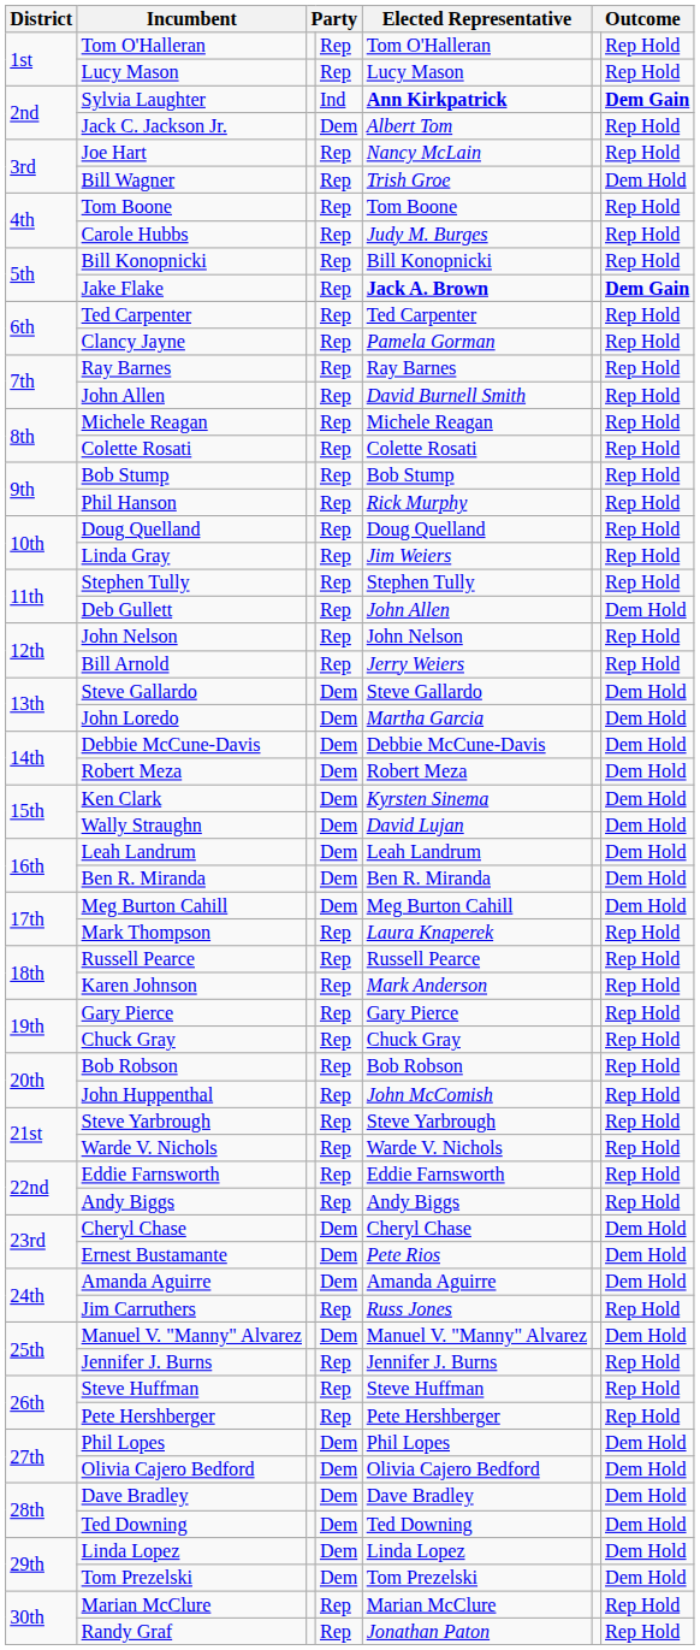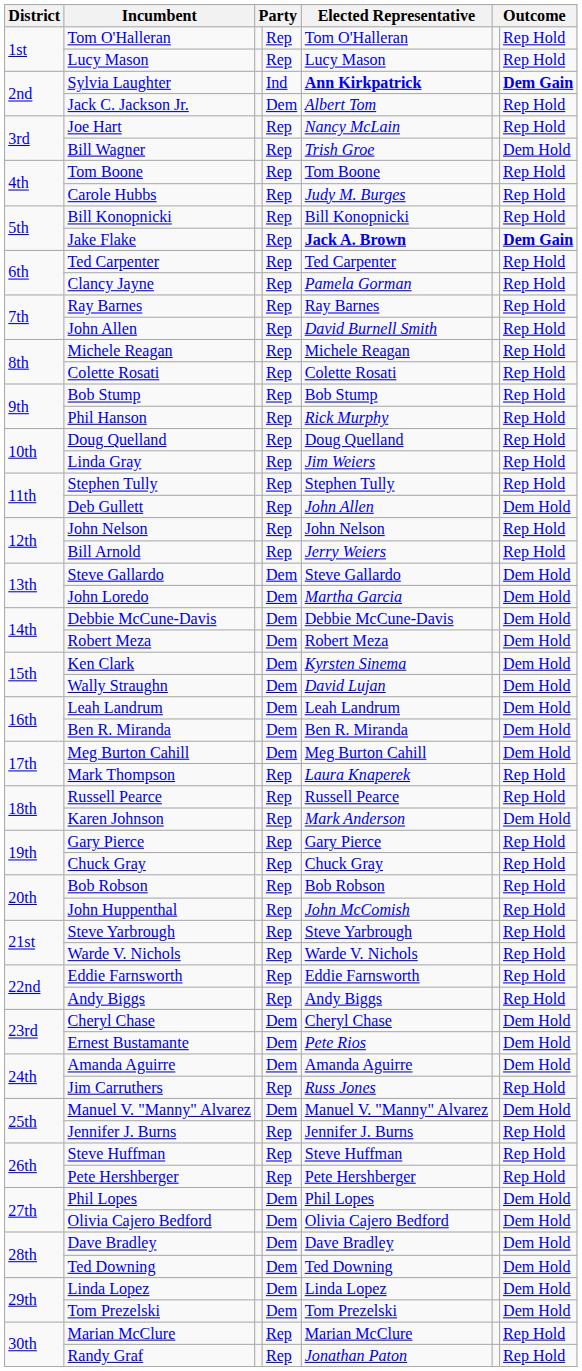 <table class="sortable wikitable" style="font-size:95%;line-height:14px;">
 <tr>
 <th>District</th>
 <th>Incumbent</th>
 <th colspan="2">Party</th>
 <th>Elected Representative</th>
 <th colspan="2">Outcome</th>
 </tr>
 <tr>
 <td rowspan="2"><a href='#'>1st</a></td>
 <td><a href='#'>Tom O'Halleran</a></td>
 <td style="background:"></td>
 <td><a href='#'>Rep</a></td>
 <td><a href='#'>Tom O'Halleran</a></td>
 <td style="background:"></td>
 <td><a href='#'>Rep Hold</a></td>
 </tr>
 <tr>
 <td><a href='#'>Lucy Mason</a></td>
 <td style="background:"></td>
 <td><a href='#'>Rep</a></td>
 <td><a href='#'>Lucy Mason</a></td>
 <td style="background:"></td>
 <td><a href='#'>Rep Hold</a></td>
 </tr>
 <tr>
 <td rowspan="2"><a href='#'>2nd</a></td>
 <td><a href='#'>Sylvia Laughter</a></td>
 <td style="background:"></td>
 <td><a href='#'>Ind</a></td>
 <td><strong><a href='#'>Ann Kirkpatrick</a></strong></td>
 <td style="background:"></td>
 <td><strong><a href='#'>Dem Gain</a></strong></td>
 </tr>
 <tr>
 <td><a href='#'>Jack C. Jackson Jr.</a></td>
 <td style="background:"></td>
 <td><a href='#'>Dem</a></td>
 <td><em><a href='#'>Albert Tom</a></em></td>
 <td style="background:"></td>
 <td><a href='#'>Rep Hold</a></td>
 </tr>
 <tr>
 <td rowspan="2"><a href='#'>3rd</a></td>
 <td><a href='#'>Joe Hart</a></td>
 <td style="background:"></td>
 <td><a href='#'>Rep</a></td>
 <td><em><a href='#'>Nancy McLain</a></em></td>
 <td style="background:"></td>
 <td><a href='#'>Rep Hold</a></td>
 </tr>
 <tr>
 <td><a href='#'>Bill Wagner</a></td>
 <td style="background:"></td>
 <td><a href='#'>Rep</a></td>
 <td><em><a href='#'>Trish Groe</a></em></td>
 <td style="background:"></td>
 <td><a href='#'>Dem Hold</a></td>
 </tr>
 <tr>
 <td rowspan="2"><a href='#'>4th</a></td>
 <td><a href='#'>Tom Boone</a></td>
 <td style="background:"></td>
 <td><a href='#'>Rep</a></td>
 <td><a href='#'>Tom Boone</a></td>
 <td style="background:"></td>
 <td><a href='#'>Rep Hold</a></td>
 </tr>
 <tr>
 <td><a href='#'>Carole Hubbs</a></td>
 <td style="background:"></td>
 <td><a href='#'>Rep</a></td>
 <td><em><a href='#'>Judy M. Burges</a></em></td>
 <td style="background:"></td>
 <td><a href='#'>Rep Hold</a></td>
 </tr>
 <tr>
 <td rowspan="2"><a href='#'>5th</a></td>
 <td><a href='#'>Bill Konopnicki</a></td>
 <td style="background:"></td>
 <td><a href='#'>Rep</a></td>
 <td><a href='#'>Bill Konopnicki</a></td>
 <td style="background:"></td>
 <td><a href='#'>Rep Hold</a></td>
 </tr>
 <tr>
 <td><a href='#'>Jake Flake</a></td>
 <td style="background:"></td>
 <td><a href='#'>Rep</a></td>
 <td><strong><a href='#'>Jack A. Brown</a></strong></td>
 <td style="background:"></td>
 <td><strong><a href='#'>Dem Gain</a></strong></td>
 </tr>
 <tr>
 <td rowspan="2"><a href='#'>6th</a></td>
 <td><a href='#'>Ted Carpenter</a></td>
 <td style="background:"></td>
 <td><a href='#'>Rep</a></td>
 <td><a href='#'>Ted Carpenter</a></td>
 <td style="background:"></td>
 <td><a href='#'>Rep Hold</a></td>
 </tr>
 <tr>
 <td><a href='#'>Clancy Jayne</a></td>
 <td style="background:"></td>
 <td><a href='#'>Rep</a></td>
 <td><em><a href='#'>Pamela Gorman</a></em></td>
 <td style="background:"></td>
 <td><a href='#'>Rep Hold</a></td>
 </tr>
 <tr>
 <td rowspan="2"><a href='#'>7th</a></td>
 <td><a href='#'>Ray Barnes</a></td>
 <td style="background:"></td>
 <td><a href='#'>Rep</a></td>
 <td><a href='#'>Ray Barnes</a></td>
 <td style="background:"></td>
 <td><a href='#'>Rep Hold</a></td>
 </tr>
 <tr>
 <td><a href='#'>John Allen</a></td>
 <td style="background:"></td>
 <td><a href='#'>Rep</a></td>
 <td><em><a href='#'>David Burnell Smith</a></em></td>
 <td style="background:"></td>
 <td><a href='#'>Rep Hold</a></td>
 </tr>
 <tr>
 <td rowspan="2"><a href='#'>8th</a></td>
 <td><a href='#'>Michele Reagan</a></td>
 <td style="background:"></td>
 <td><a href='#'>Rep</a></td>
 <td><a href='#'>Michele Reagan</a></td>
 <td style="background:"></td>
 <td><a href='#'>Rep Hold</a></td>
 </tr>
 <tr>
 <td><a href='#'>Colette Rosati</a></td>
 <td style="background:"></td>
 <td><a href='#'>Rep</a></td>
 <td><a href='#'>Colette Rosati</a></td>
 <td style="background:"></td>
 <td><a href='#'>Rep Hold</a></td>
 </tr>
 <tr>
 <td rowspan="2"><a href='#'>9th</a></td>
 <td><a href='#'>Bob Stump</a></td>
 <td style="background:"></td>
 <td><a href='#'>Rep</a></td>
 <td><a href='#'>Bob Stump</a></td>
 <td style="background:"></td>
 <td><a href='#'>Rep Hold</a></td>
 </tr>
 <tr>
 <td><a href='#'>Phil Hanson</a></td>
 <td style="background:"></td>
 <td><a href='#'>Rep</a></td>
 <td><em><a href='#'>Rick Murphy</a></em></td>
 <td style="background:"></td>
 <td><a href='#'>Rep Hold</a></td>
 </tr>
 <tr>
 <td rowspan="2"><a href='#'>10th</a></td>
 <td><a href='#'>Doug Quelland</a></td>
 <td style="background:"></td>
 <td><a href='#'>Rep</a></td>
 <td><a href='#'>Doug Quelland</a></td>
 <td style="background:"></td>
 <td><a href='#'>Rep Hold</a></td>
 </tr>
 <tr>
 <td><a href='#'>Linda Gray</a></td>
 <td style="background:"></td>
 <td><a href='#'>Rep</a></td>
 <td><em><a href='#'>Jim Weiers</a></em></td>
 <td style="background:"></td>
 <td><a href='#'>Rep Hold</a></td>
 </tr>
 <tr>
 <td rowspan="2"><a href='#'>11th</a></td>
 <td><a href='#'>Stephen Tully</a></td>
 <td style="background:"></td>
 <td><a href='#'>Rep</a></td>
 <td><a href='#'>Stephen Tully</a></td>
 <td style="background:"></td>
 <td><a href='#'>Rep Hold</a></td>
 </tr>
 <tr>
 <td><a href='#'>Deb Gullett</a></td>
 <td style="background:"></td>
 <td><a href='#'>Rep</a></td>
 <td><em><a href='#'>John Allen</a></em></td>
 <td style="background:"></td>
 <td><a href='#'>Dem Hold</a></td>
 </tr>
 <tr>
 <td rowspan="2"><a href='#'>12th</a></td>
 <td><a href='#'>John Nelson</a></td>
 <td style="background:"></td>
 <td><a href='#'>Rep</a></td>
 <td><a href='#'>John Nelson</a></td>
 <td style="background:"></td>
 <td><a href='#'>Rep Hold</a></td>
 </tr>
 <tr>
 <td><a href='#'>Bill Arnold</a></td>
 <td style="background:"></td>
 <td><a href='#'>Rep</a></td>
 <td><em><a href='#'>Jerry Weiers</a></em></td>
 <td style="background:"></td>
 <td><a href='#'>Rep Hold</a></td>
 </tr>
 <tr>
 <td rowspan="2"><a href='#'>13th</a></td>
 <td><a href='#'>Steve Gallardo</a></td>
 <td style="background:"></td>
 <td><a href='#'>Dem</a></td>
 <td><a href='#'>Steve Gallardo</a></td>
 <td style="background:"></td>
 <td><a href='#'>Dem Hold</a></td>
 </tr>
 <tr>
 <td><a href='#'>John Loredo</a></td>
 <td style="background:"></td>
 <td><a href='#'>Dem</a></td>
 <td><em><a href='#'>Martha Garcia</a></em></td>
 <td style="background:"></td>
 <td><a href='#'>Dem Hold</a></td>
 </tr>
 <tr>
 <td rowspan="2"><a href='#'>14th</a></td>
 <td><a href='#'>Debbie McCune-Davis</a></td>
 <td style="background:"></td>
 <td><a href='#'>Dem</a></td>
 <td><a href='#'>Debbie McCune-Davis</a></td>
 <td style="background:"></td>
 <td><a href='#'>Dem Hold</a></td>
 </tr>
 <tr>
 <td><a href='#'>Robert Meza</a></td>
 <td style="background:"></td>
 <td><a href='#'>Dem</a></td>
 <td><a href='#'>Robert Meza</a></td>
 <td style="background:"></td>
 <td><a href='#'>Dem Hold</a></td>
 </tr>
 <tr>
 <td rowspan="2"><a href='#'>15th</a></td>
 <td><a href='#'>Ken Clark</a></td>
 <td style="background:"></td>
 <td><a href='#'>Dem</a></td>
 <td><em><a href='#'>Kyrsten Sinema</a></em></td>
 <td style="background:"></td>
 <td><a href='#'>Dem Hold</a></td>
 </tr>
 <tr>
 <td><a href='#'>Wally Straughn</a></td>
 <td style="background:"></td>
 <td><a href='#'>Dem</a></td>
 <td><em><a href='#'>David Lujan</a></em></td>
 <td style="background:"></td>
 <td><a href='#'>Dem Hold</a></td>
 </tr>
 <tr>
 <td rowspan="2"><a href='#'>16th</a></td>
 <td><a href='#'>Leah Landrum</a></td>
 <td style="background:"></td>
 <td><a href='#'>Dem</a></td>
 <td><a href='#'>Leah Landrum</a></td>
 <td style="background:"></td>
 <td><a href='#'>Dem Hold</a></td>
 </tr>
 <tr>
 <td><a href='#'>Ben R. Miranda</a></td>
 <td style="background:"></td>
 <td><a href='#'>Dem</a></td>
 <td><a href='#'>Ben R. Miranda</a></td>
 <td style="background:"></td>
 <td><a href='#'>Dem Hold</a></td>
 </tr>
 <tr>
 <td rowspan="2"><a href='#'>17th</a></td>
 <td><a href='#'>Meg Burton Cahill</a></td>
 <td style="background:"></td>
 <td><a href='#'>Dem</a></td>
 <td><a href='#'>Meg Burton Cahill</a></td>
 <td style="background:"></td>
 <td><a href='#'>Dem Hold</a></td>
 </tr>
 <tr>
 <td><a href='#'>Mark Thompson</a></td>
 <td style="background:"></td>
 <td><a href='#'>Rep</a></td>
 <td><em><a href='#'>Laura Knaperek</a></em></td>
 <td style="background:"></td>
 <td><a href='#'>Rep Hold</a></td>
 </tr>
 <tr>
 <td rowspan="2"><a href='#'>18th</a></td>
 <td><a href='#'>Russell Pearce</a></td>
 <td style="background:"></td>
 <td><a href='#'>Rep</a></td>
 <td><a href='#'>Russell Pearce</a></td>
 <td style="background:"></td>
 <td><a href='#'>Rep Hold</a></td>
 </tr>
 <tr>
 <td><a href='#'>Karen Johnson</a></td>
 <td style="background:"></td>
 <td><a href='#'>Rep</a></td>
 <td><em><a href='#'>Mark Anderson</a></em></td>
 <td style="background:"></td>
-<td><a href='#'>Rep Hold</a></td>
+<td><a href='#'>Dem Hold</a></td>
 </tr>
 <tr>
 <td rowspan="2"><a href='#'>19th</a></td>
 <td><a href='#'>Gary Pierce</a></td>
 <td style="background:"></td>
 <td><a href='#'>Rep</a></td>
 <td><a href='#'>Gary Pierce</a></td>
 <td style="background:"></td>
 <td><a href='#'>Rep Hold</a></td>
 </tr>
 <tr>
 <td><a href='#'>Chuck Gray</a></td>
 <td style="background:"></td>
 <td><a href='#'>Rep</a></td>
 <td><a href='#'>Chuck Gray</a></td>
 <td style="background:"></td>
 <td><a href='#'>Rep Hold</a></td>
 </tr>
 <tr>
 <td rowspan="2"><a href='#'>20th</a></td>
 <td><a href='#'>Bob Robson</a></td>
 <td style="background:"></td>
 <td><a href='#'>Rep</a></td>
 <td><a href='#'>Bob Robson</a></td>
 <td style="background:"></td>
 <td><a href='#'>Rep Hold</a></td>
 </tr>
 <tr>
 <td><a href='#'>John Huppenthal</a></td>
 <td style="background:"></td>
 <td><a href='#'>Rep</a></td>
 <td><em><a href='#'>John McComish</a></em></td>
 <td style="background:"></td>
 <td><a href='#'>Rep Hold</a></td>
 </tr>
 <tr>
 <td rowspan="2"><a href='#'>21st</a></td>
 <td><a href='#'>Steve Yarbrough</a></td>
 <td style="background:"></td>
 <td><a href='#'>Rep</a></td>
 <td><a href='#'>Steve Yarbrough</a></td>
 <td style="background:"></td>
 <td><a href='#'>Rep Hold</a></td>
 </tr>
 <tr>
 <td><a href='#'>Warde V. Nichols</a></td>
 <td style="background:"></td>
 <td><a href='#'>Rep</a></td>
 <td><a href='#'>Warde V. Nichols</a></td>
 <td style="background:"></td>
 <td><a href='#'>Rep Hold</a></td>
 </tr>
 <tr>
 <td rowspan="2"><a href='#'>22nd</a></td>
 <td><a href='#'>Eddie Farnsworth</a></td>
 <td style="background:"></td>
 <td><a href='#'>Rep</a></td>
 <td><a href='#'>Eddie Farnsworth</a></td>
 <td style="background:"></td>
 <td><a href='#'>Rep Hold</a></td>
 </tr>
 <tr>
 <td><a href='#'>Andy Biggs</a></td>
 <td style="background:"></td>
 <td><a href='#'>Rep</a></td>
 <td><a href='#'>Andy Biggs</a></td>
 <td style="background:"></td>
 <td><a href='#'>Rep Hold</a></td>
 </tr>
 <tr>
 <td rowspan="2"><a href='#'>23rd</a></td>
 <td><a href='#'>Cheryl Chase</a></td>
 <td style="background:"></td>
 <td><a href='#'>Dem</a></td>
 <td><a href='#'>Cheryl Chase</a></td>
 <td style="background:"></td>
 <td><a href='#'>Dem Hold</a></td>
 </tr>
 <tr>
 <td><a href='#'>Ernest Bustamante</a></td>
 <td style="background:"></td>
 <td><a href='#'>Dem</a></td>
 <td><em><a href='#'>Pete Rios</a></em></td>
 <td style="background:"></td>
 <td><a href='#'>Dem Hold</a></td>
 </tr>
 <tr>
 <td rowspan="2"><a href='#'>24th</a></td>
 <td><a href='#'>Amanda Aguirre</a></td>
 <td style="background:"></td>
 <td><a href='#'>Dem</a></td>
 <td><a href='#'>Amanda Aguirre</a></td>
 <td style="background:"></td>
 <td><a href='#'>Dem Hold</a></td>
 </tr>
 <tr>
 <td><a href='#'>Jim Carruthers</a></td>
 <td style="background:"></td>
 <td><a href='#'>Rep</a></td>
 <td><em><a href='#'>Russ Jones</a></em></td>
 <td style="background:"></td>
 <td><a href='#'>Rep Hold</a></td>
 </tr>
 <tr>
 <td rowspan="2"><a href='#'>25th</a></td>
 <td><a href='#'>Manuel V. "Manny" Alvarez</a></td>
 <td style="background:"></td>
 <td><a href='#'>Dem</a></td>
 <td><a href='#'>Manuel V. "Manny" Alvarez</a></td>
 <td style="background:"></td>
 <td><a href='#'>Dem Hold</a></td>
 </tr>
 <tr>
 <td><a href='#'>Jennifer J. Burns</a></td>
 <td style="background:"></td>
 <td><a href='#'>Rep</a></td>
 <td><a href='#'>Jennifer J. Burns</a></td>
 <td style="background:"></td>
 <td><a href='#'>Rep Hold</a></td>
 </tr>
 <tr>
 <td rowspan="2"><a href='#'>26th</a></td>
 <td><a href='#'>Steve Huffman</a></td>
 <td style="background:"></td>
 <td><a href='#'>Rep</a></td>
 <td><a href='#'>Steve Huffman</a></td>
 <td style="background:"></td>
 <td><a href='#'>Rep Hold</a></td>
 </tr>
 <tr>
 <td><a href='#'>Pete Hershberger</a></td>
 <td style="background:"></td>
 <td><a href='#'>Rep</a></td>
 <td><a href='#'>Pete Hershberger</a></td>
 <td style="background:"></td>
 <td><a href='#'>Rep Hold</a></td>
 </tr>
 <tr>
 <td rowspan="2"><a href='#'>27th</a></td>
 <td><a href='#'>Phil Lopes</a></td>
 <td style="background:"></td>
 <td><a href='#'>Dem</a></td>
 <td><a href='#'>Phil Lopes</a></td>
 <td style="background:"></td>
 <td><a href='#'>Dem Hold</a></td>
 </tr>
 <tr>
 <td><a href='#'>Olivia Cajero Bedford</a></td>
 <td style="background:"></td>
 <td><a href='#'>Dem</a></td>
 <td><a href='#'>Olivia Cajero Bedford</a></td>
 <td style="background:"></td>
 <td><a href='#'>Dem Hold</a></td>
 </tr>
 <tr>
 <td rowspan="2"><a href='#'>28th</a></td>
 <td><a href='#'>Dave Bradley</a></td>
 <td style="background:"></td>
 <td><a href='#'>Dem</a></td>
 <td><a href='#'>Dave Bradley</a></td>
 <td style="background:"></td>
 <td><a href='#'>Dem Hold</a></td>
 </tr>
 <tr>
 <td><a href='#'>Ted Downing</a></td>
 <td style="background:"></td>
 <td><a href='#'>Dem</a></td>
 <td><a href='#'>Ted Downing</a></td>
 <td style="background:"></td>
 <td><a href='#'>Dem Hold</a></td>
 </tr>
 <tr>
 <td rowspan="2"><a href='#'>29th</a></td>
 <td><a href='#'>Linda Lopez</a></td>
 <td style="background:"></td>
 <td><a href='#'>Dem</a></td>
 <td><a href='#'>Linda Lopez</a></td>
 <td style="background:"></td>
 <td><a href='#'>Dem Hold</a></td>
 </tr>
 <tr>
 <td><a href='#'>Tom Prezelski</a></td>
 <td style="background:"></td>
 <td><a href='#'>Dem</a></td>
 <td><a href='#'>Tom Prezelski</a></td>
 <td style="background:"></td>
 <td><a href='#'>Dem Hold</a></td>
 </tr>
 <tr>
 <td rowspan="2"><a href='#'>30th</a></td>
 <td><a href='#'>Marian McClure</a></td>
 <td style="background:"></td>
 <td><a href='#'>Rep</a></td>
 <td><a href='#'>Marian McClure</a></td>
 <td style="background:"></td>
 <td><a href='#'>Rep Hold</a></td>
 </tr>
 <tr>
 <td><a href='#'>Randy Graf</a></td>
 <td style="background:"></td>
 <td><a href='#'>Rep</a></td>
 <td><em><a href='#'>Jonathan Paton</a></em></td>
 <td style="background:"></td>
 <td><a href='#'>Rep Hold</a></td>
 </tr>
 <tr>
 </tr>
 </table>
